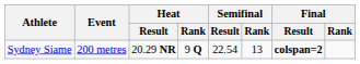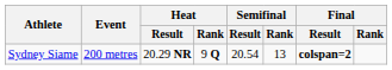 <table class="wikitable" style="font-size:90%">
 <tr>
 <th rowspan="2">Athlete</th>
 <th rowspan="2">Event</th>
 <th colspan="2">Heat</th>
 <th colspan="2">Semifinal</th>
 <th colspan="2">Final</th>
 </tr>
 <tr style="font-size:95%">
 <th>Result</th>
 <th>Rank</th>
 <th>Result</th>
 <th>Rank</th>
 <th>Result</th>
 <th>Rank</th>
 </tr>
 <tr style=text-align:center>
 <td style=text-align:left><a href='#'>Sydney Siame</a></td>
 <td style=text-align:left><a href='#'>200 metres</a></td>
 <td>20.29 <strong>NR</strong></td>
 <td>9 <strong>Q</strong></td>
-<td>22.54</td>
+<td>20.54</td>
 <td>13</td>
 <td><strong>colspan=2 </strong></td>
 </tr>
 </table>
